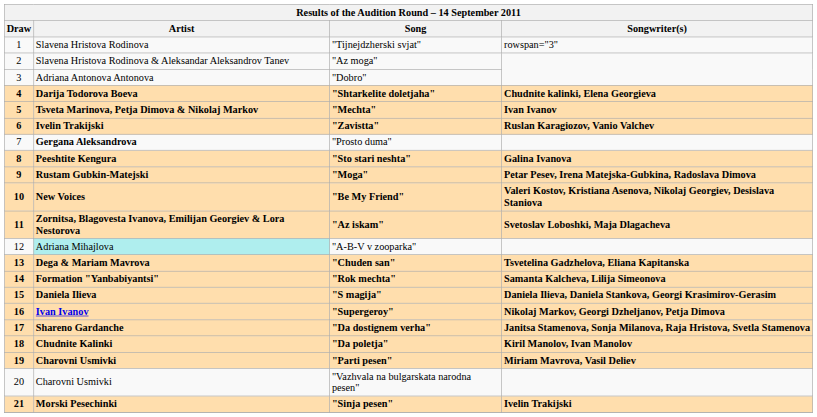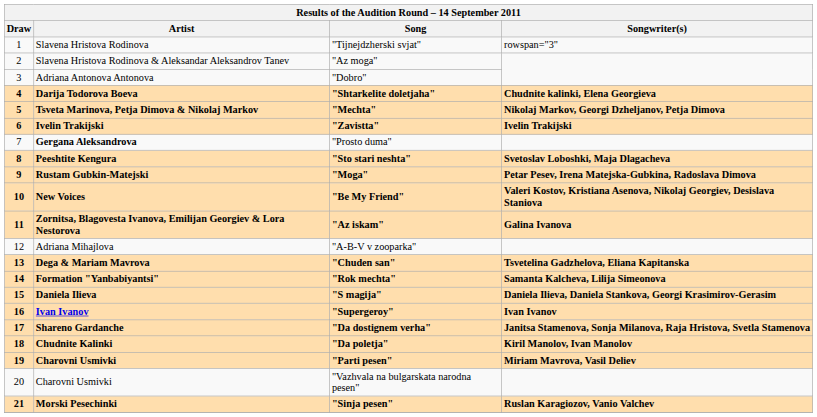 <table class="wikitable collapsible collapsed" style="margin: 1em auto 1em auto;">
 <tr>
 <th colspan="4">Results of the Audition Round – 14 September 2011</th>
 </tr>
 <tr>
 <th>Draw</th>
 <th>Artist</th>
 <th>Song</th>
 <th>Songwriter(s)</th>
 </tr>
 <tr>
 <td align="center">1</td>
 <td align="left">Slavena Hristova Rodinova</td>
 <td align="left">"Tijnejdzherski svjat"</td>
 <td>rowspan="3" </td>
 </tr>
 <tr>
 <td align="center">2</td>
 <td align="left">Slavena Hristova Rodinova & Aleksandar Aleksandrov Tanev</td>
 <td align="left">"Az moga"</td>
 </tr>
 <tr>
 <td align="center">3</td>
 <td align="left">Adriana Antonova Antonova</td>
 <td align="left">"Dobro"</td>
 </tr>
 <tr style="font-weight: bold; background: navajowhite;">
 <td align="center">4</td>
 <td align="left">Darija Todorova Boeva</td>
 <td align="left">"Shtarkelite doletjaha"</td>
 <td>Chudnite kalinki, Elena Georgieva</td>
 </tr>
 <tr style="font-weight: bold; background: navajowhite;">
 <td align="center">5</td>
 <td align="left">Tsveta Marinova, Petja Dimova & Nikolaj Markov</td>
 <td align="left">"Mechta"</td>
-<td>Ivan Ivanov</td>
+<td>Nikolaj Markov, Georgi Dzheljanov, Petja Dimova</td>
 </tr>
 <tr style="font-weight: bold; background: navajowhite;">
 <td align="center">6</td>
 <td align="left">Ivelin Trakijski</td>
 <td align="left">"Zavistta"</td>
-<td>Ruslan Karagiozov, Vanio Valchev</td>
+<td>Ivelin Trakijski</td>
 </tr>
 <tr>
 <td align="center">7</td>
 <td align="left"><strong>Gergana Aleksandrova</strong></td>
 <td align="left">"Prosto duma"</td>
 <td></td>
 </tr>
 <tr style="font-weight: bold; background: navajowhite;">
 <td align="center">8</td>
 <td align="left">Peeshtite Kengura</td>
 <td align="left">"Sto stari neshta"</td>
-<td>Galina Ivanova</td>
+<td>Svetoslav Loboshki, Maja Dlagacheva</td>
 </tr>
 <tr style="font-weight: bold; background: navajowhite;">
 <td align="center">9</td>
 <td align="left">Rustam Gubkin-Matejski</td>
 <td align="left">"Moga"</td>
 <td>Petar Pesev, Irena Matejska-Gubkina, Radoslava Dimova</td>
 </tr>
 <tr style="font-weight: bold; background: navajowhite;">
 <td align="center">10</td>
 <td align="left">New Voices</td>
 <td align="left">"Be My Friend"</td>
 <td>Valeri Kostov, Kristiana Asenova, Nikolaj Georgiev, Desislava Staniova</td>
 </tr>
 <tr style="font-weight: bold; background: navajowhite;">
 <td align="center">11</td>
 <td align="left">Zornitsa, Blagovesta Ivanova, Emilijan Georgiev & Lora Nestorova</td>
 <td align="left">"Az iskam"</td>
-<td>Svetoslav Loboshki, Maja Dlagacheva</td>
+<td>Galina Ivanova</td>
 </tr>
 <tr>
 <td align="center">12</td>
-<td align="left" style="background: paleturquoise;">Adriana Mihajlova</td>
+<td align="left">Adriana Mihajlova</td>
 <td align="left">"A-B-V v zooparka"</td>
 <td></td>
 </tr>
 <tr style="font-weight: bold; background: navajowhite;">
 <td align="center">13</td>
 <td align="left">Dega & Mariam Mavrova</td>
 <td align="left">"Chuden san"</td>
 <td>Tsvetelina Gadzhelova, Eliana Kapitanska</td>
 </tr>
 <tr style="font-weight: bold; background: navajowhite;">
 <td align="center">14</td>
 <td align="left">Formation "Yanbabiyantsi"</td>
 <td align="left">"Rok mechta"</td>
 <td>Samanta Kalcheva, Lilija Simeonova</td>
 </tr>
 <tr style="font-weight: bold; background: navajowhite;">
 <td align="center">15</td>
 <td align="left">Daniela Ilieva</td>
 <td align="left">"S magija"</td>
 <td>Daniela Ilieva, Daniela Stankova, Georgi Krasimirov-Gerasim</td>
 </tr>
 <tr style="font-weight: bold; background: navajowhite;">
 <td align="center">16</td>
 <td align="left"><a href='#'>Ivan Ivanov</a></td>
 <td align="left">"Supergeroy"</td>
-<td>Nikolaj Markov, Georgi Dzheljanov, Petja Dimova</td>
+<td>Ivan Ivanov</td>
 </tr>
 <tr style="font-weight: bold; background: navajowhite;">
 <td align="center">17</td>
 <td align="left">Shareno Gardanche</td>
 <td align="left">"Da dostignem verha"</td>
 <td>Janitsa Stamenova, Sonja Milanova, Raja Hristova, Svetla Stamenova</td>
 </tr>
 <tr style="font-weight: bold; background: navajowhite;">
 <td align="center">18</td>
 <td align="left">Chudnite Kalinki</td>
 <td align="left">"Da poletja"</td>
 <td>Kiril Manolov, Ivan Manolov</td>
 </tr>
 <tr style="font-weight: bold; background: navajowhite;">
 <td align="center">19</td>
 <td align="left">Charovni Usmivki</td>
 <td align="left">"Parti pesen"</td>
 <td>Miriam Mavrova, Vasil Deliev</td>
 </tr>
 <tr>
 <td align="center">20</td>
 <td align="left">Charovni Usmivki</td>
 <td align="left">"Vazhvala na bulgarskata narodna pesen"</td>
 <td></td>
 </tr>
 <tr style="font-weight: bold; background: navajowhite;">
 <td align="center">21</td>
 <td align="left">Morski Pesechinki</td>
 <td align="left">"Sinja pesen"</td>
-<td>Ivelin Trakijski</td>
+<td>Ruslan Karagiozov, Vanio Valchev</td>
 </tr>
 <tr>
 </tr>
 </table>
